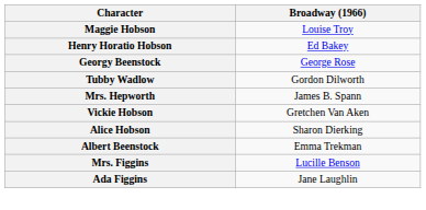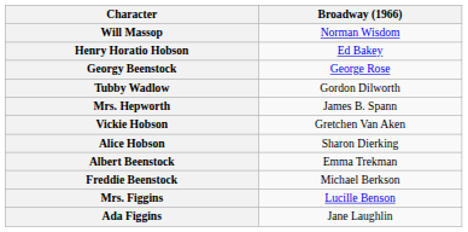 <table class="wikitable" style="width:50%; text-align:center">
 <tr>
 <th scope="col">Character</th>
 <th>Broadway (1966)</th>
 </tr>
 <tr>
-<th>Maggie Hobson</th>
-<td colspan="1"><a href='#'>Louise Troy</a></td>
+<th>Will Massop</th>
+<td colspan="1”"><a href='#'>Norman Wisdom</a></td>
 </tr>
 <tr>
 <th>Henry Horatio Hobson</th>
 <td colspan="1"><a href='#'>Ed Bakey</a></td>
 </tr>
 <tr>
 <th>Georgy Beenstock</th>
 <td colspan="1”"><a href='#'>George Rose</a></td>
 </tr>
 <tr>
 <th>Tubby Wadlow</th>
 <td colspan="1">Gordon Dilworth</td>
 </tr>
 <tr>
 <th>Mrs. Hepworth</th>
 <td colspan="1">James B. Spann</td>
 </tr>
 <tr>
 <th>Vickie Hobson</th>
 <td colspan="1">Gretchen Van Aken</td>
 </tr>
 <tr>
 <th>Alice Hobson</th>
 <td colspan="1">Sharon Dierking</td>
 </tr>
 <tr>
 <th>Albert Beenstock</th>
 <td colspan="1">Emma Trekman</td>
 </tr>
 <tr>
+<th>Freddie Beenstock</th>
+<td colspan="1">Michael Berkson</td>
+</tr>
+<tr>
 <th>Mrs. Figgins</th>
 <td colspan="1"><a href='#'>Lucille Benson</a></td>
 </tr>
 <tr>
 <th>Ada Figgins</th>
 <td colspan="1">Jane Laughlin</td>
 </tr>
 </table>
